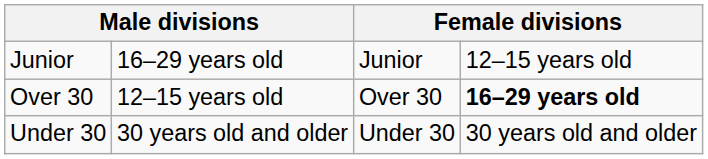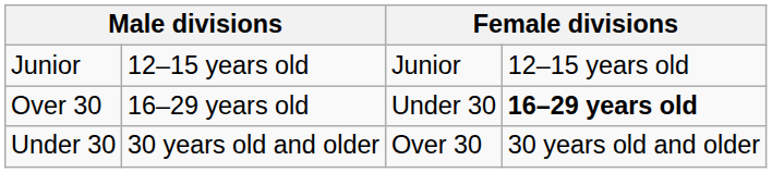 <table class="wikitable">
 <tr>
 <th colspan="2">Male divisions</th>
 <th colspan="2">Female divisions</th>
 </tr>
 <tr>
 <td>Junior</td>
-<td>16–29 years old</td>
+<td>12–15 years old</td>
 <td>Junior</td>
 <td>12–15 years old</td>
 </tr>
 <tr>
 <td>Over 30</td>
-<td>12–15 years old</td>
-<td>Over 30</td>
+<td>16–29 years old</td>
+<td>Under 30</td>
 <td><strong>16–29 years old</strong></td>
 </tr>
 <tr>
 <td>Under 30</td>
 <td>30 years old and older</td>
-<td>Under 30</td>
+<td>Over 30</td>
 <td>30 years old and older</td>
 </tr>
 </table>
